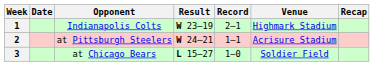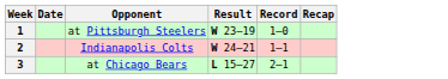 <table class="wikitable" style="text-align:center">
 <tr>
 <th>Week</th>
 <th>Date</th>
 <th>Opponent</th>
 <th>Result</th>
 <th>Record</th>
-<th>Venue</th>
 <th>Recap</th>
 </tr>
 <tr style="background:#cfc">
 <th>1</th>
 <td></td>
-<td><a href='#'>Indianapolis Colts</a></td>
+<td>at <a href='#'>Pittsburgh Steelers</a></td>
 <td><strong>W</strong> 23–19</td>
-<td>2–1</td>
-<td><a href='#'>Highmark Stadium</a></td>
+<td>1–0</td>
 <td></td>
 </tr>
 <tr style="background:#fcc">
 <th>2</th>
 <td></td>
-<td>at <a href='#'>Pittsburgh Steelers</a></td>
+<td><a href='#'>Indianapolis Colts</a></td>
 <td><strong>W</strong> 24–21</td>
 <td>1–1</td>
-<td><a href='#'>Acrisure Stadium</a></td>
 <td></td>
 </tr>
 <tr style="background:#cfc">
 <th>3</th>
 <td></td>
 <td>at <a href='#'>Chicago Bears</a></td>
 <td><strong>L</strong> 15–27</td>
-<td>1–0</td>
-<td><a href='#'>Soldier Field</a></td>
+<td>2–1</td>
 <td></td>
 </tr>
 </table>
